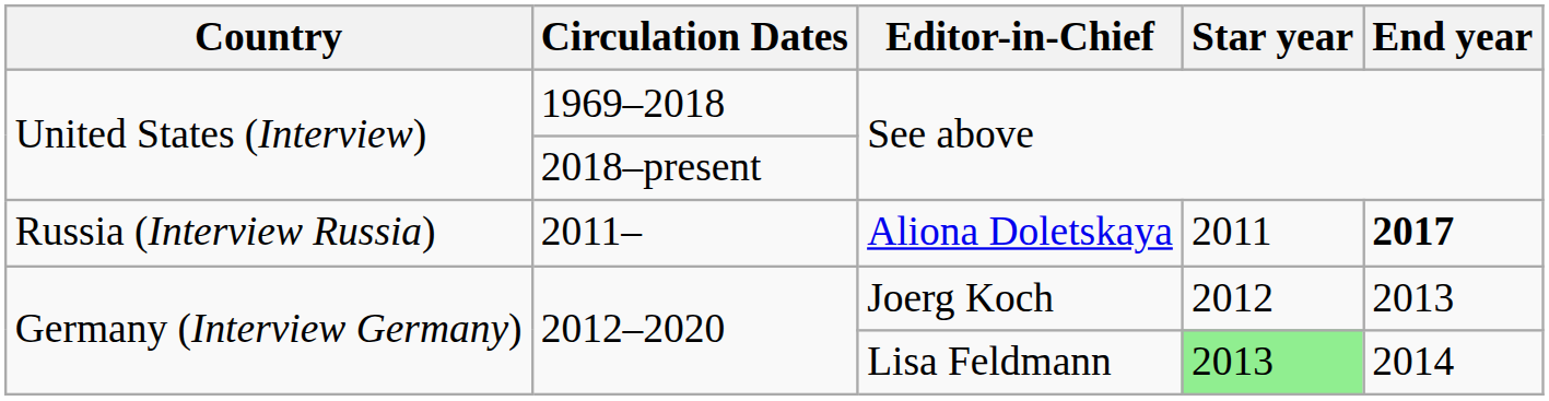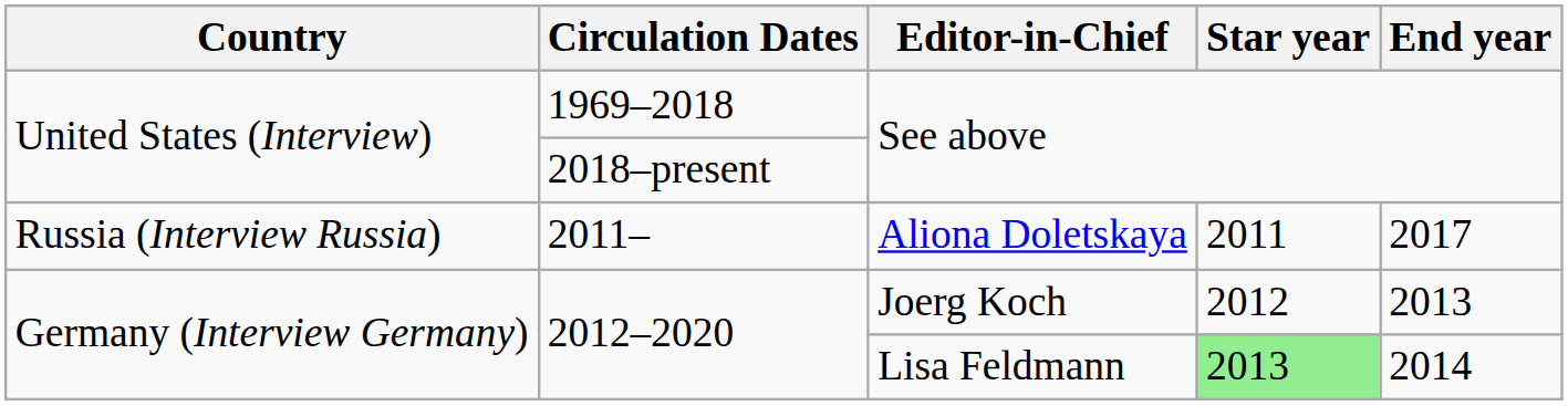 <table class="wikitable">
 <tr>
 <th>Country</th>
 <th>Circulation Dates</th>
 <th>Editor-in-Chief</th>
 <th>Star year</th>
 <th>End year</th>
 </tr>
 <tr>
 <td rowspan="2">United States (<em>Interview</em>)</td>
 <td>1969–2018</td>
 <td colspan="3" rowspan="2">See above</td>
 </tr>
 <tr>
 <td>2018–present</td>
 </tr>
 <tr>
 <td>Russia (<em>Interview Russia</em>)</td>
 <td>2011–</td>
 <td><a href='#'>Aliona Doletskaya</a></td>
 <td>2011</td>
-<td><strong>2017</strong></td>
+<td>2017</td>
 </tr>
 <tr>
 <td rowspan="2">Germany (<em>Interview Germany</em>)</td>
 <td rowspan="2">2012–2020</td>
 <td>Joerg Koch</td>
 <td>2012</td>
 <td>2013</td>
 </tr>
 <tr>
 <td>Lisa Feldmann</td>
 <td style="background: lightgreen;">2013</td>
 <td>2014</td>
 </tr>
 </table>
